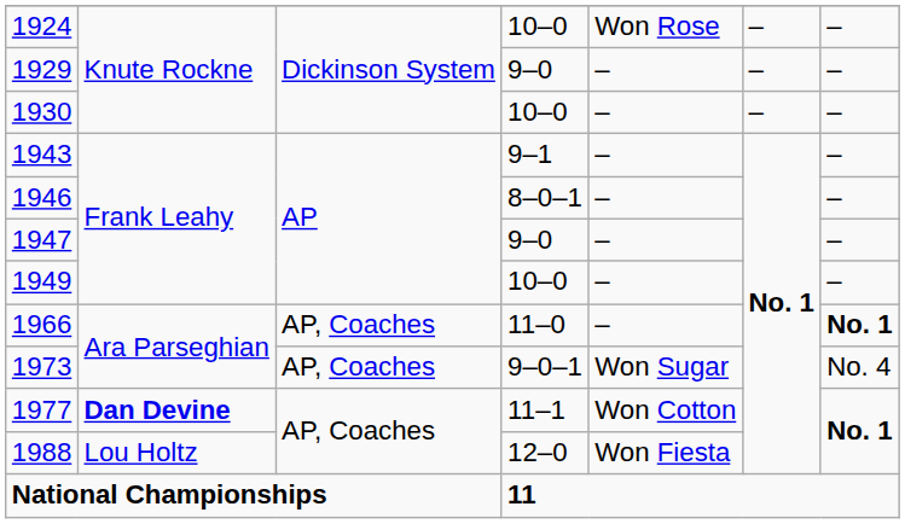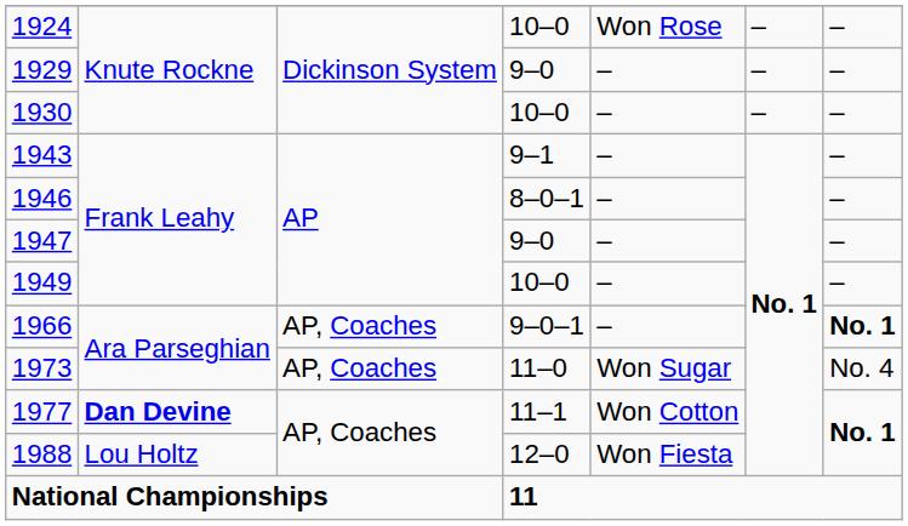 <table class="wikitable">
 <tr>
 </tr>
 <tr>
 <td><a href='#'>1924</a></td>
 <td rowspan="3"><a href='#'>Knute Rockne</a></td>
 <td rowspan="3"><a href='#'>Dickinson System</a></td>
 <td>10–0</td>
 <td>Won <a href='#'>Rose</a></td>
 <td>–</td>
 <td>–</td>
 </tr>
 <tr>
 <td><a href='#'>1929</a></td>
 <td>9–0</td>
 <td>–</td>
 <td>–</td>
 <td>–</td>
 </tr>
 <tr>
 <td><a href='#'>1930</a></td>
 <td>10–0</td>
 <td>–</td>
 <td>–</td>
 <td>–</td>
 </tr>
 <tr>
 <td><a href='#'>1943</a></td>
 <td rowspan="4"><a href='#'>Frank Leahy</a></td>
 <td rowspan="4"><a href='#'>AP</a></td>
 <td>9–1</td>
 <td>–</td>
 <td rowspan="8"><strong>No. 1</strong></td>
 <td>–</td>
 </tr>
 <tr>
 <td><a href='#'>1946</a></td>
 <td>8–0–1</td>
 <td>–</td>
 <td>–</td>
 </tr>
 <tr>
 <td><a href='#'>1947</a></td>
 <td>9–0</td>
 <td>–</td>
 <td>–</td>
 </tr>
 <tr>
 <td><a href='#'>1949</a></td>
 <td>10–0</td>
 <td>–</td>
 <td>–</td>
 </tr>
 <tr>
 <td><a href='#'>1966</a></td>
 <td rowspan="2"><a href='#'>Ara Parseghian</a></td>
 <td>AP, <a href='#'>Coaches</a></td>
-<td>11–0</td>
+<td>9–0–1</td>
 <td>–</td>
 <td><strong>No. 1</strong></td>
 </tr>
 <tr>
 <td><a href='#'>1973</a></td>
 <td>AP, <a href='#'>Coaches</a></td>
-<td>9–0–1</td>
+<td>11–0</td>
 <td>Won <a href='#'>Sugar</a></td>
 <td>No. 4</td>
 </tr>
 <tr>
 <td><a href='#'>1977</a></td>
 <td><strong><a href='#'>Dan Devine</a></strong></td>
 <td rowspan="2">AP, Coaches</td>
 <td>11–1</td>
 <td>Won <a href='#'>Cotton</a></td>
 <td rowspan="2"><strong>No. 1</strong></td>
 </tr>
 <tr>
 <td><a href='#'>1988</a></td>
 <td><a href='#'>Lou Holtz</a></td>
 <td>12–0</td>
 <td>Won <a href='#'>Fiesta</a></td>
 </tr>
 <tr>
 <td colspan="3"><strong>National Championships</strong></td>
 <td colspan="4"><strong>11</strong></td>
 </tr>
 </table>
